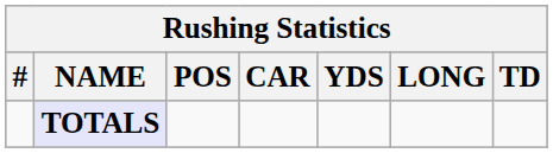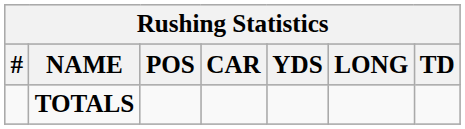 <table class="wikitable sortable collapsible collapsed">
 <tr>
 <th colspan="7">Rushing Statistics</th>
 </tr>
 <tr>
 <th>#</th>
 <th>NAME</th>
 <th>POS</th>
 <th>CAR</th>
 <th>YDS</th>
 <th>LONG</th>
 <th>TD</th>
 </tr>
 <tr>
 <td></td>
-<td style="background: lavender;"><strong>TOTALS</strong></td>
+<td><strong>TOTALS</strong></td>
 <td></td>
 <td></td>
 <td></td>
 <td></td>
 <td></td>
 </tr>
 </table>
